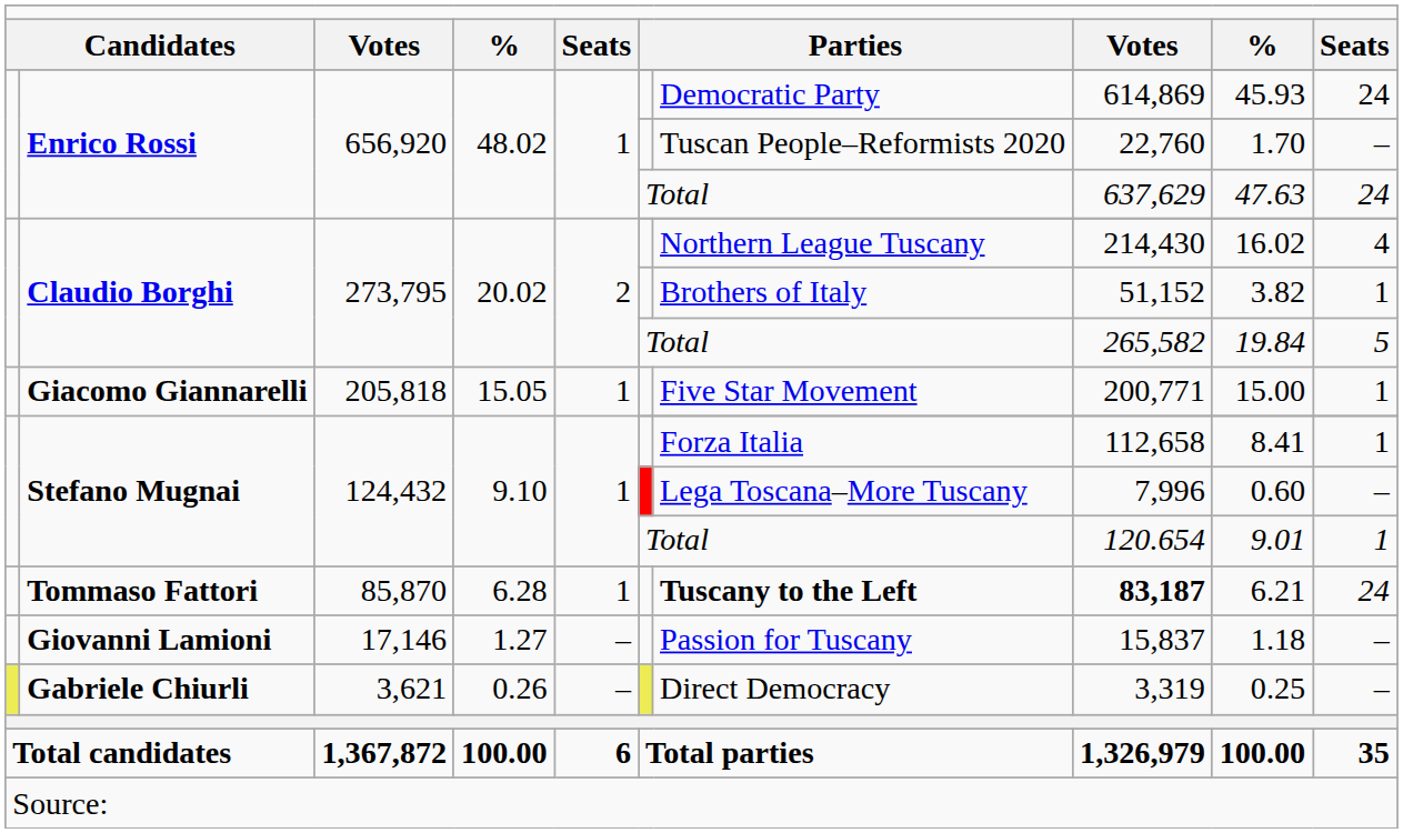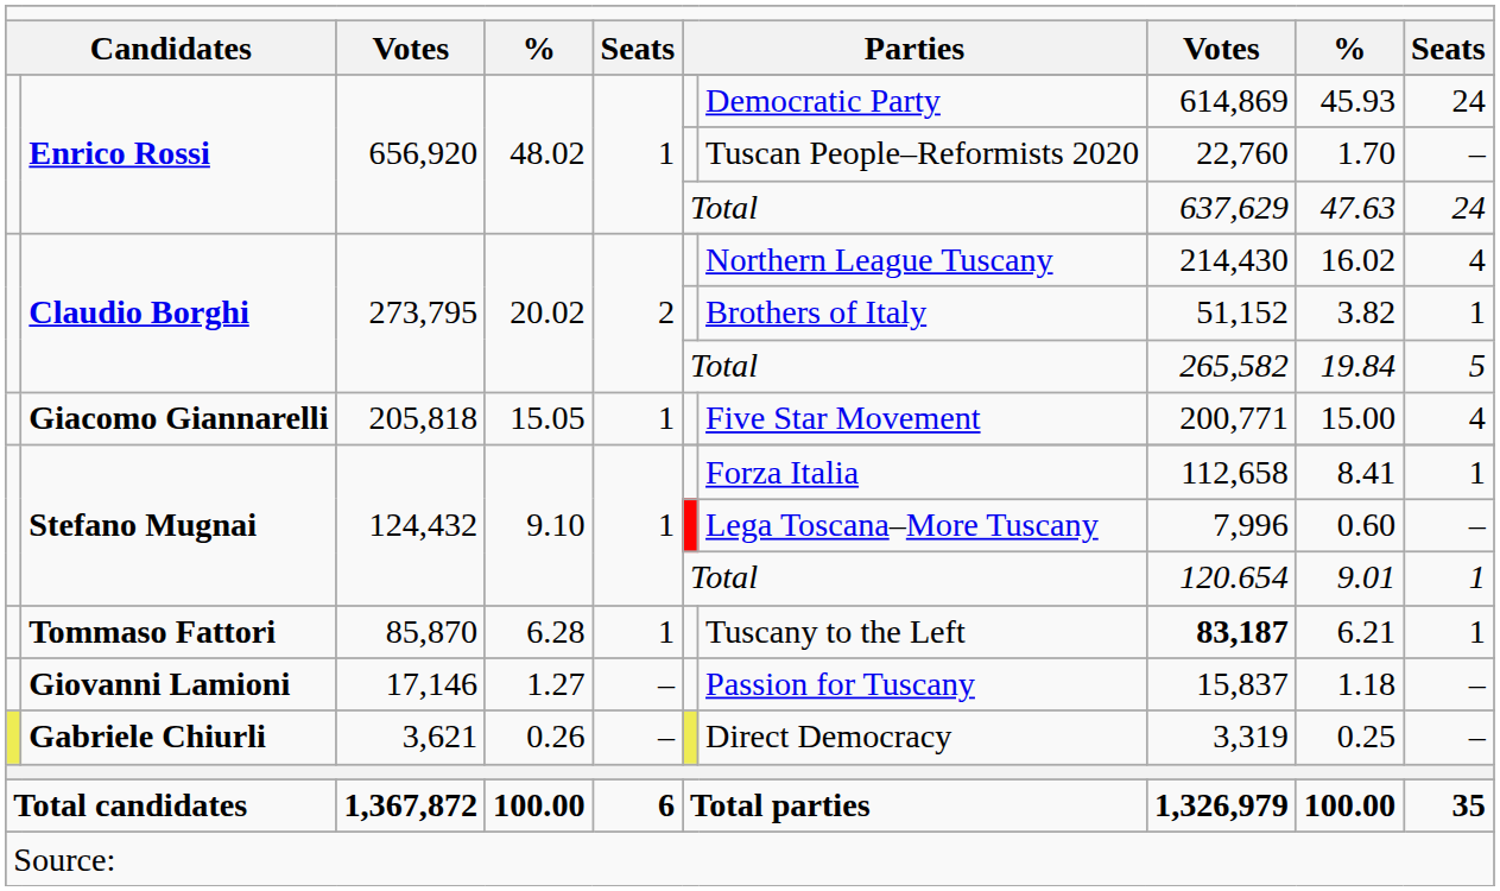 <table class="wikitable">
 <tr>
 <td colspan=10></td>
 </tr>
 <tr>
 <th colspan=2>Candidates</th>
 <th>Votes</th>
 <th>%</th>
 <th>Seats</th>
 <th colspan=2>Parties</th>
 <th>Votes</th>
 <th>%</th>
 <th>Seats</th>
 </tr>
 <tr>
 <td rowspan=4></td>
 <td rowspan=4><strong><a href='#'>Enrico Rossi</a></strong></td>
 <td rowspan=4 align=right>656,920</td>
 <td rowspan=4 align=right>48.02</td>
 <td rowspan=4 align=right>1</td>
 </tr>
 <tr>
 <td></td>
 <td align="left"><a href='#'>Democratic Party</a></td>
 <td align=right>614,869</td>
 <td align=right>45.93</td>
 <td align=right>24</td>
 </tr>
 <tr>
 <td></td>
 <td align="left">Tuscan People–Reformists 2020</td>
 <td align=right>22,760</td>
 <td align=right>1.70</td>
 <td align=right>–</td>
 </tr>
 <tr>
 <td colspan=2><em>Total</em></td>
 <td align=right><em>637,629</em></td>
 <td align=right><em>47.63</em></td>
 <td align=right><em>24</em></td>
 </tr>
 <tr>
 <td rowspan=4></td>
 <td rowspan=4><strong><a href='#'>Claudio Borghi</a></strong></td>
 <td rowspan=4 align=right>273,795</td>
 <td rowspan=4 align=right>20.02</td>
 <td rowspan=4 align=right>2</td>
 </tr>
 <tr>
 <td></td>
 <td align="left"><a href='#'>Northern League Tuscany</a></td>
 <td align=right>214,430</td>
 <td align=right>16.02</td>
 <td align=right>4</td>
 </tr>
 <tr>
 <td></td>
 <td align="left"><a href='#'>Brothers of Italy</a></td>
 <td align=right>51,152</td>
 <td align=right>3.82</td>
 <td align=right>1</td>
 </tr>
 <tr>
 <td colspan=2><em>Total</em></td>
 <td align=right><em>265,582</em></td>
 <td align=right><em>19.84</em></td>
 <td align=right><em>5</em></td>
 </tr>
 <tr>
 <td></td>
 <td><strong>Giacomo Giannarelli</strong></td>
 <td align=right>205,818</td>
 <td align=right>15.05</td>
 <td align=right>1</td>
 <td></td>
 <td align="left"><a href='#'>Five Star Movement</a></td>
 <td align=right>200,771</td>
 <td align=right>15.00</td>
-<td align=right>1</td>
+<td align=right>4</td>
 </tr>
 <tr>
 <td rowspan=4></td>
 <td rowspan=4><strong>Stefano Mugnai</strong></td>
 <td rowspan=4 align=right>124,432</td>
 <td rowspan=4 align=right>9.10</td>
 <td rowspan=4 align=right>1</td>
 </tr>
 <tr>
 <td></td>
 <td align="left"><a href='#'>Forza Italia</a></td>
 <td align=right>112,658</td>
 <td align=right>8.41</td>
 <td align=right>1</td>
 </tr>
 <tr>
 <td bgcolor="red"></td>
 <td align="left"><a href='#'>Lega Toscana</a>–<a href='#'>More Tuscany</a></td>
 <td align=right>7,996</td>
 <td align=right>0.60</td>
 <td align=right>–</td>
 </tr>
 <tr>
 <td colspan=2><em>Total</em></td>
 <td align=right><em>120.654</em></td>
 <td align=right><em>9.01</em></td>
 <td align=right><em>1</em></td>
 </tr>
 <tr>
 <td></td>
 <td><strong>Tommaso Fattori</strong></td>
 <td align=right>85,870</td>
 <td align=right>6.28</td>
 <td align=right>1</td>
 <td></td>
-<td align="left"><strong>Tuscany to the Left</strong></td>
+<td align="left">Tuscany to the Left</td>
 <td align=right><strong>83,187</strong></td>
 <td align=right>6.21</td>
-<td align=right><em>24</em></td>
+<td align=right>1</td>
 </tr>
 <tr>
 <td></td>
 <td><strong>Giovanni Lamioni</strong></td>
 <td align=right>17,146</td>
 <td align=right>1.27</td>
 <td align=right>–</td>
 <td></td>
 <td align="left"><a href='#'>Passion for Tuscany</a></td>
 <td align=right>15,837</td>
 <td align=right>1.18</td>
 <td align=right>–</td>
 </tr>
 <tr>
 <td bgcolor="#EEEC54"></td>
 <td><strong>Gabriele Chiurli</strong></td>
 <td align=right>3,621</td>
 <td align=right>0.26</td>
 <td align=right>–</td>
 <td bgcolor="#EEEC54"></td>
 <td align="left">Direct Democracy</td>
 <td align=right>3,319</td>
 <td align=right>0.25</td>
 <td align=right>–</td>
 </tr>
 <tr>
 <th colspan=10></th>
 </tr>
 <tr>
 <td colspan=2><strong>Total candidates</strong></td>
 <td align=right><strong>1,367,872</strong></td>
 <td align=right><strong>100.00</strong></td>
 <td align=right><strong>6</strong></td>
 <td colspan=2><strong>Total parties</strong></td>
 <td align=right><strong>1,326,979</strong></td>
 <td align=right><strong>100.00</strong></td>
 <td align=right><strong>35</strong></td>
 </tr>
 <tr>
 <td colspan=10>Source: </td>
 </tr>
 </table>
